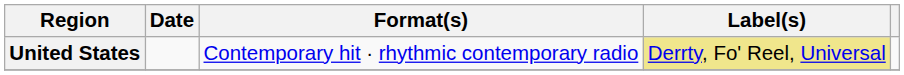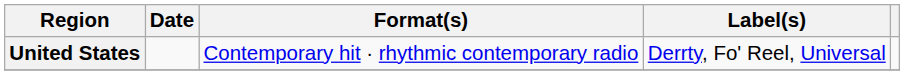 <table class="wikitable plainrowheaders" style="text-align:left">
 <tr>
 <th scope="col">Region</th>
 <th scope="col">Date</th>
 <th scope="col">Format(s)</th>
 <th scope="col">Label(s)</th>
 <th scope="col"></th>
 </tr>
 <tr>
 <th scope="row">United States</th>
 <td></td>
 <td><a href='#'>Contemporary hit</a> · <a href='#'>rhythmic contemporary radio</a></td>
-<td style="background: khaki;"><a href='#'>Derrty</a>, Fo' Reel, <a href='#'>Universal</a></td>
+<td><a href='#'>Derrty</a>, Fo' Reel, <a href='#'>Universal</a></td>
 <td></td>
 </tr>
 <tr>
 </tr>
 </table>
